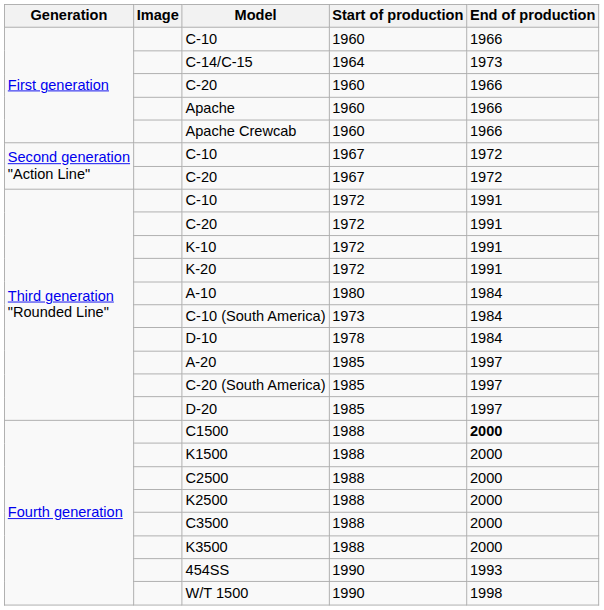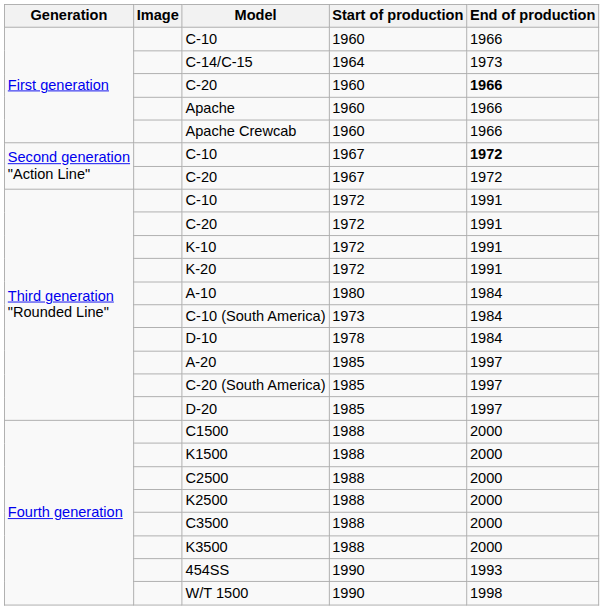 <table class="wikitable sortable">
 <tr>
 <th>Generation</th>
 <th>Image</th>
 <th>Model</th>
 <th>Start of production</th>
 <th>End of production</th>
 </tr>
 <tr>
 <td rowspan="5"><a href='#'>First generation</a></td>
 <td></td>
 <td>C-10</td>
 <td>1960</td>
 <td>1966</td>
 </tr>
 <tr>
 <td></td>
 <td>C-14/C-15</td>
 <td>1964</td>
 <td>1973</td>
 </tr>
 <tr>
 <td></td>
 <td>C-20</td>
 <td>1960</td>
-<td>1966</td>
+<td><strong>1966</strong></td>
 </tr>
 <tr>
 <td></td>
 <td>Apache</td>
 <td>1960</td>
 <td>1966</td>
 </tr>
 <tr>
 <td></td>
 <td>Apache Crewcab</td>
 <td>1960</td>
 <td>1966</td>
 </tr>
 <tr>
 <td rowspan="2"><a href='#'>Second generation</a><br>"Action Line"</td>
 <td></td>
 <td>C-10</td>
 <td>1967</td>
-<td>1972</td>
+<td><strong>1972</strong></td>
 </tr>
 <tr>
 <td></td>
 <td>C-20</td>
 <td>1967</td>
 <td>1972</td>
 </tr>
 <tr>
 <td rowspan="10"><a href='#'>Third generation</a><br>"Rounded Line"</td>
 <td></td>
 <td>C-10</td>
 <td>1972</td>
 <td>1991</td>
 </tr>
 <tr>
 <td></td>
 <td>C-20</td>
 <td>1972</td>
 <td>1991</td>
 </tr>
 <tr>
 <td></td>
 <td>K-10</td>
 <td>1972</td>
 <td>1991</td>
 </tr>
 <tr>
 <td></td>
 <td>K-20</td>
 <td>1972</td>
 <td>1991</td>
 </tr>
 <tr>
 <td></td>
 <td>A-10</td>
 <td>1980</td>
 <td>1984</td>
 </tr>
 <tr>
 <td></td>
 <td>C-10 (South America)</td>
 <td>1973</td>
 <td>1984</td>
 </tr>
 <tr>
 <td></td>
 <td>D-10</td>
 <td>1978</td>
 <td>1984</td>
 </tr>
 <tr>
 <td></td>
 <td>A-20</td>
 <td>1985</td>
 <td>1997</td>
 </tr>
 <tr>
 <td></td>
 <td>C-20 (South America)</td>
 <td>1985</td>
 <td>1997</td>
 </tr>
 <tr>
 <td></td>
 <td>D-20</td>
 <td>1985</td>
 <td>1997</td>
 </tr>
 <tr>
 <td rowspan="50"><a href='#'>Fourth generation</a></td>
 <td></td>
 <td>C1500</td>
 <td>1988</td>
-<td><strong>2000</strong></td>
+<td>2000</td>
 </tr>
 <tr>
 <td></td>
 <td>K1500</td>
 <td>1988</td>
 <td>2000</td>
 </tr>
 <tr>
 <td></td>
 <td>C2500</td>
 <td>1988</td>
 <td>2000</td>
 </tr>
 <tr>
 <td></td>
 <td>K2500</td>
 <td>1988</td>
 <td>2000</td>
 </tr>
 <tr>
 <td></td>
 <td>C3500</td>
 <td>1988</td>
 <td>2000</td>
 </tr>
 <tr>
 <td></td>
 <td>K3500</td>
 <td>1988</td>
 <td>2000</td>
 </tr>
 <tr>
 <td></td>
 <td>454SS</td>
 <td>1990</td>
 <td>1993</td>
 </tr>
 <tr>
 <td></td>
 <td>W/T 1500</td>
 <td>1990</td>
 <td>1998</td>
 </tr>
 </table>
